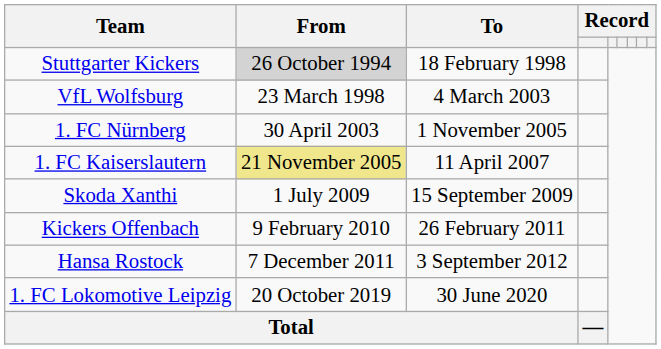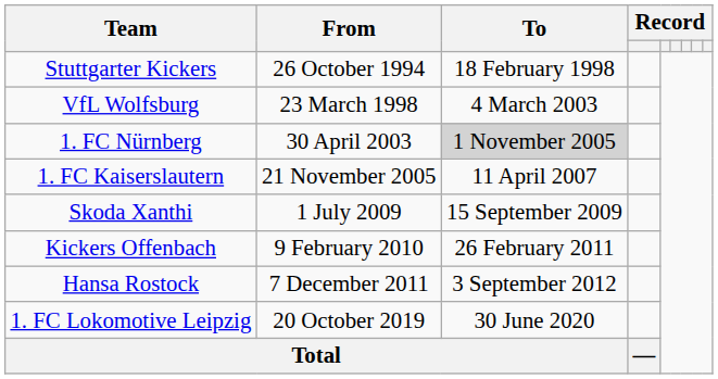 <table class="wikitable" style="text-align: center">
 <tr>
 <th rowspan="2">Team</th>
 <th rowspan="2">From</th>
 <th rowspan="2">To</th>
 <th colspan="6">Record</th>
 </tr>
 <tr>
 <th></th>
 <th></th>
 <th></th>
 <th></th>
 <th></th>
 <th></th>
 </tr>
 <tr>
 <td><a href='#'>Stuttgarter Kickers</a></td>
-<td style="background: lightgrey;">26 October 1994</td>
+<td>26 October 1994</td>
 <td>18 February 1998<br></td>
 <td></td>
 </tr>
 <tr>
 <td><a href='#'>VfL Wolfsburg</a></td>
 <td>23 March 1998</td>
 <td>4 March 2003<br></td>
 <td></td>
 </tr>
 <tr>
 <td><a href='#'>1. FC Nürnberg</a></td>
 <td>30 April 2003</td>
-<td>1 November 2005<br></td>
+<td style="background: lightgrey;">1 November 2005<br></td>
 <td></td>
 </tr>
 <tr>
 <td><a href='#'>1. FC Kaiserslautern</a></td>
-<td style="background: khaki;">21 November 2005</td>
+<td>21 November 2005</td>
 <td>11 April 2007<br></td>
 <td></td>
 </tr>
 <tr>
 <td><a href='#'>Skoda Xanthi</a></td>
 <td>1 July 2009</td>
 <td>15 September 2009<br></td>
 <td></td>
 </tr>
 <tr>
 <td><a href='#'>Kickers Offenbach</a></td>
 <td>9 February 2010</td>
 <td>26 February 2011<br></td>
 <td></td>
 </tr>
 <tr>
 <td><a href='#'>Hansa Rostock</a></td>
 <td>7 December 2011</td>
 <td>3 September 2012<br></td>
 <td></td>
 </tr>
 <tr>
 <td><a href='#'>1. FC Lokomotive Leipzig</a></td>
 <td>20 October 2019</td>
 <td>30 June 2020<br></td>
 <td></td>
 </tr>
 <tr>
 <th colspan="3">Total<br></th>
 <th>—</th>
 </tr>
 </table>
